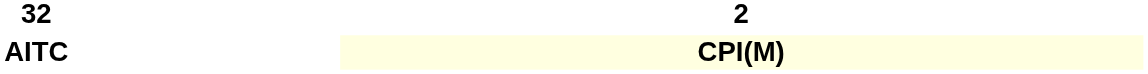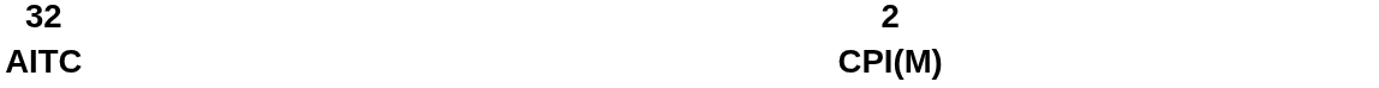 <table style="width:65%; text-align:center;">
 <tr>
 <td style="background:"><strong>32</strong></td>
 <td style="background:"><strong>2</strong></td>
 </tr>
 <tr>
 <td><span><strong>AITC</strong></span></td>
-<td style="background: lightyellow;"><span><strong>CPI(M)</strong></span></td>
+<td><span><strong>CPI(M)</strong></span></td>
 </tr>
 </table>
